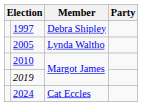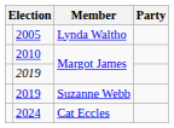 <table class="wikitable">
 <tr>
 <th colspan="2">Election</th>
 <th>Member</th>
 <th>Party</th>
-</tr>
-<tr>
-<td style="color:inherit;background-color: "></td>
-<td><a href='#'>1997</a></td>
-<td><a href='#'>Debra Shipley</a></td>
-<td></td>
 </tr>
 <tr>
 <td style="color:inherit;background-color: "></td>
 <td><a href='#'>2005</a></td>
 <td><a href='#'>Lynda Waltho</a></td>
 <td></td>
 </tr>
 <tr>
 <td style="color:inherit;background-color: "></td>
 <td><a href='#'>2010</a></td>
 <td rowspan="2"><a href='#'>Margot James</a></td>
 <td></td>
 </tr>
 <tr>
 <td style="color:inherit;background-color: "></td>
 <td><em>2019</em></td>
 <td></td>
 </tr>
 <tr>
 <td style="color:inherit;background-color: "></td>
+<td><a href='#'>2019</a></td>
+<td><a href='#'>Suzanne Webb</a></td>
+<td></td>
+</tr>
+<tr>
+<td style="color:inherit;background-color: "></td>
 <td><a href='#'>2024</a></td>
 <td><a href='#'>Cat Eccles</a></td>
 <td></td>
 </tr>
 </table>
